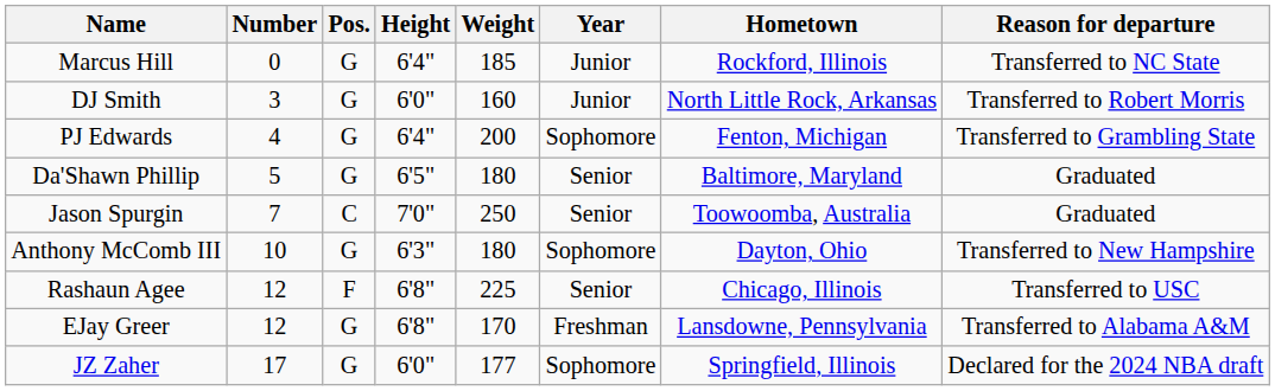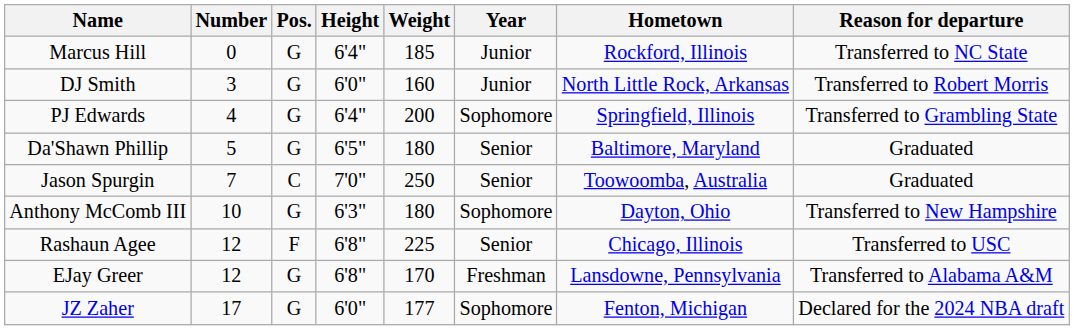 <table class="wikitable sortable" style="text-align:center">
 <tr align=center>
 <th>Name</th>
 <th>Number</th>
 <th>Pos.</th>
 <th>Height</th>
 <th>Weight</th>
 <th>Year</th>
 <th>Hometown</th>
 <th class="unsortable">Reason for departure</th>
 </tr>
 <tr>
 <td>Marcus Hill</td>
 <td>0</td>
 <td>G</td>
 <td>6'4"</td>
 <td>185</td>
 <td>Junior</td>
 <td><a href='#'>Rockford, Illinois</a></td>
 <td>Transferred to <a href='#'>NC State</a></td>
 </tr>
 <tr>
 <td>DJ Smith</td>
 <td>3</td>
 <td>G</td>
 <td>6'0"</td>
 <td>160</td>
 <td>Junior</td>
 <td><a href='#'>North Little Rock, Arkansas</a></td>
 <td>Transferred to <a href='#'>Robert Morris</a></td>
 </tr>
 <tr>
 <td>PJ Edwards</td>
 <td>4</td>
 <td>G</td>
 <td>6'4"</td>
 <td>200</td>
 <td>Sophomore</td>
-<td><a href='#'>Fenton, Michigan</a></td>
+<td><a href='#'>Springfield, Illinois</a></td>
 <td>Transferred to <a href='#'>Grambling State</a></td>
 </tr>
 <tr>
 <td>Da'Shawn Phillip</td>
 <td>5</td>
 <td>G</td>
 <td>6'5"</td>
 <td>180</td>
 <td>Senior</td>
 <td><a href='#'>Baltimore, Maryland</a></td>
 <td>Graduated</td>
 </tr>
 <tr>
 <td>Jason Spurgin</td>
 <td>7</td>
 <td>C</td>
 <td>7'0"</td>
 <td>250</td>
 <td>Senior</td>
 <td><a href='#'>Toowoomba</a>, <a href='#'>Australia</a></td>
 <td>Graduated</td>
 </tr>
 <tr>
 <td>Anthony McComb III</td>
 <td>10</td>
 <td>G</td>
 <td>6'3"</td>
 <td>180</td>
 <td>Sophomore</td>
 <td><a href='#'>Dayton, Ohio</a></td>
 <td>Transferred to <a href='#'>New Hampshire</a></td>
 </tr>
 <tr>
 <td>Rashaun Agee</td>
 <td>12</td>
 <td>F</td>
 <td>6'8"</td>
 <td>225</td>
 <td>Senior</td>
 <td><a href='#'>Chicago, Illinois</a></td>
 <td>Transferred to <a href='#'>USC</a></td>
 </tr>
 <tr>
 <td>EJay Greer</td>
 <td>12</td>
 <td>G</td>
 <td>6'8"</td>
 <td>170</td>
 <td>Freshman</td>
 <td><a href='#'>Lansdowne, Pennsylvania</a></td>
 <td>Transferred to <a href='#'>Alabama A&M</a></td>
 </tr>
 <tr>
 <td><a href='#'>JZ Zaher</a></td>
 <td>17</td>
 <td>G</td>
 <td>6'0"</td>
 <td>177</td>
 <td>Sophomore</td>
-<td><a href='#'>Springfield, Illinois</a></td>
+<td><a href='#'>Fenton, Michigan</a></td>
 <td>Declared for the <a href='#'>2024 NBA draft</a></td>
 </tr>
 </table>
